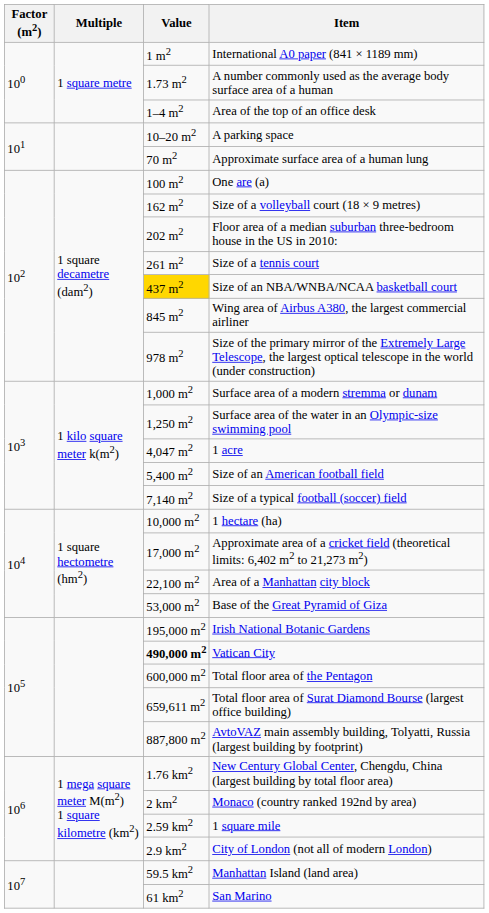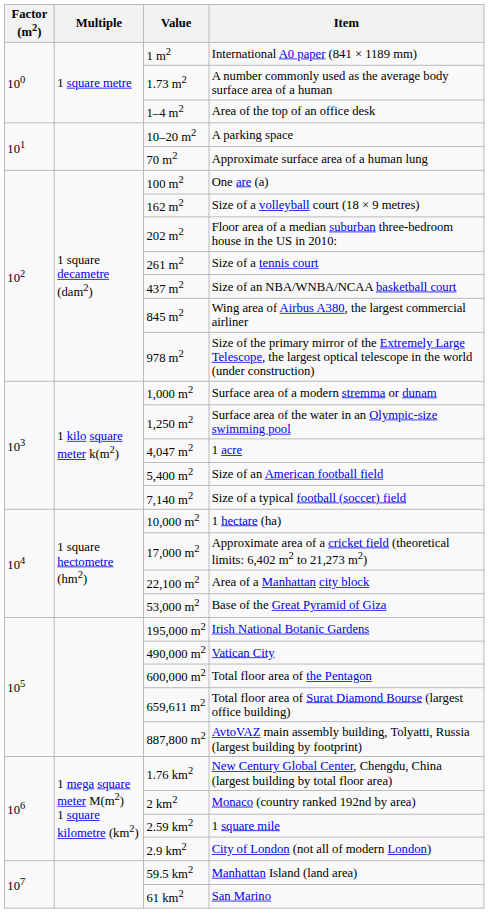 <table class="wikitable">
 <tr>
 <th>Factor (m<sup>2</sup>)</th>
 <th>Multiple</th>
 <th>Value</th>
 <th>Item</th>
 </tr>
 <tr>
 <td rowspan=3>10<sup>0</sup></td>
 <td rowspan=3>1 <a href='#'>square metre</a></td>
 <td>1 m<sup>2</sup></td>
 <td>International <a href='#'>A0 paper</a> (841 × 1189 mm)</td>
 </tr>
 <tr>
 <td>1.73 m<sup>2</sup></td>
 <td>A number commonly used as the average body surface area of a human</td>
 </tr>
 <tr>
 <td>1–4 m<sup>2</sup></td>
 <td>Area of the top of an office desk</td>
 </tr>
 <tr>
 <td rowspan=2>10<sup>1</sup></td>
 <td rowspan=2> </td>
 <td>10–20 m<sup>2</sup></td>
 <td>A parking space</td>
 </tr>
 <tr>
 <td>70 m<sup>2</sup></td>
 <td>Approximate surface area of a human lung</td>
 </tr>
 <tr>
 <td rowspan=7>10<sup>2</sup></td>
 <td rowspan=7>1 square <a href='#'>decametre</a> (dam<sup>2</sup>)</td>
 <td>100 m<sup>2</sup></td>
 <td>One <a href='#'>are</a> (a)</td>
 </tr>
 <tr>
 <td>162 m<sup>2</sup></td>
 <td>Size of a <a href='#'>volleyball</a> court (18 × 9 metres)</td>
 </tr>
 <tr>
 <td>202 m<sup>2</sup></td>
 <td>Floor area of a median <a href='#'>suburban</a> three-bedroom house in the US in 2010:  </td>
 </tr>
 <tr>
 <td>261 m<sup>2</sup></td>
 <td>Size of a <a href='#'>tennis court</a></td>
 </tr>
 <tr>
-<td style="background: gold;">437 m<sup>2</sup></td>
+<td>437 m<sup>2</sup></td>
 <td>Size of an NBA/WNBA/NCAA <a href='#'>basketball court</a></td>
 </tr>
 <tr>
 <td>845 m<sup>2</sup></td>
 <td>Wing area of <a href='#'>Airbus A380</a>, the largest commercial airliner</td>
 </tr>
 <tr>
 <td>978 m<sup>2</sup></td>
 <td>Size of the primary mirror of the <a href='#'>Extremely Large Telescope</a>, the largest optical telescope in the world (under construction)</td>
 </tr>
 <tr>
 <td rowspan=5>10<sup>3</sup></td>
 <td rowspan=5>1 <a href='#'>kilo</a> <a href='#'>square meter</a> k(m<sup>2</sup>)</td>
 <td>1,000 m<sup>2</sup></td>
 <td>Surface area of a modern <a href='#'>stremma</a> or <a href='#'>dunam</a></td>
 </tr>
 <tr>
 <td>1,250 m<sup>2</sup></td>
 <td>Surface area of the water in an <a href='#'>Olympic-size swimming pool</a></td>
 </tr>
 <tr>
 <td>4,047 m<sup>2</sup></td>
 <td>1 <a href='#'>acre</a></td>
 </tr>
 <tr>
 <td>5,400 m<sup>2</sup></td>
 <td>Size of an <a href='#'>American football field</a></td>
 </tr>
 <tr>
 <td>7,140 m<sup>2</sup></td>
 <td>Size of a typical <a href='#'>football (soccer) field</a></td>
 </tr>
 <tr>
 <td rowspan=4>10<sup>4</sup></td>
 <td rowspan=4>1 square <a href='#'>hectometre</a> (hm<sup>2</sup>)</td>
 <td>10,000 m<sup>2</sup></td>
 <td>1 <a href='#'>hectare</a> (ha)</td>
 </tr>
 <tr>
 <td>17,000 m<sup>2</sup></td>
 <td>Approximate area of a <a href='#'>cricket field</a> (theoretical limits: 6,402 m<sup>2</sup> to 21,273 m<sup>2</sup>)</td>
 </tr>
 <tr>
 <td>22,100 m<sup>2</sup></td>
 <td>Area of a <a href='#'>Manhattan</a> <a href='#'>city block</a></td>
 </tr>
 <tr>
 <td>53,000 m<sup>2</sup></td>
 <td>Base of the <a href='#'>Great Pyramid of Giza</a></td>
 </tr>
 <tr>
 <td rowspan="5">10<sup>5</sup></td>
 <td rowspan="5"> </td>
 <td>195,000 m<sup>2</sup></td>
 <td><a href='#'>Irish National Botanic Gardens</a></td>
 </tr>
 <tr>
-<td><strong>490,000 m<sup>2</sup></strong></td>
+<td>490,000 m<sup>2</sup></td>
 <td><a href='#'>Vatican City</a></td>
 </tr>
 <tr>
 <td>600,000 m<sup>2</sup></td>
 <td>Total floor area of <a href='#'>the Pentagon</a></td>
 </tr>
 <tr>
 <td>659,611 m<sup>2</sup></td>
 <td>Total floor area of <a href='#'>Surat Diamond Bourse</a> (largest office building)</td>
 </tr>
 <tr>
 <td>887,800 m<sup>2</sup></td>
 <td><a href='#'>AvtoVAZ</a> main assembly building, Tolyatti, Russia (largest building by footprint)</td>
 </tr>
 <tr>
 <td rowspan=4>10<sup>6</sup></td>
 <td rowspan=4>1 <a href='#'>mega</a> <a href='#'>square meter</a> M(m<sup>2</sup>)<br>1 <a href='#'>square kilometre</a> (km<sup>2</sup>)</td>
 <td>1.76 km<sup>2</sup></td>
 <td><a href='#'>New Century Global Center</a>, Chengdu, China (largest building by total floor area)</td>
 </tr>
 <tr>
 <td>2 km<sup>2</sup></td>
 <td><a href='#'>Monaco</a> (country ranked 192nd by area)</td>
 </tr>
 <tr>
 <td>2.59 km<sup>2</sup></td>
 <td>1 <a href='#'>square mile</a></td>
 </tr>
 <tr>
 <td>2.9 km<sup>2</sup></td>
 <td><a href='#'>City of London</a> (not all of modern <a href='#'>London</a>)</td>
 </tr>
 <tr>
 <td rowspan=2>10<sup>7</sup></td>
 <td rowspan=2> </td>
 <td>59.5 km<sup>2</sup></td>
 <td><a href='#'>Manhattan</a> Island (land area)</td>
 </tr>
 <tr>
 <td>61 km<sup>2</sup></td>
 <td><a href='#'>San Marino</a></td>
 </tr>
 </table>
